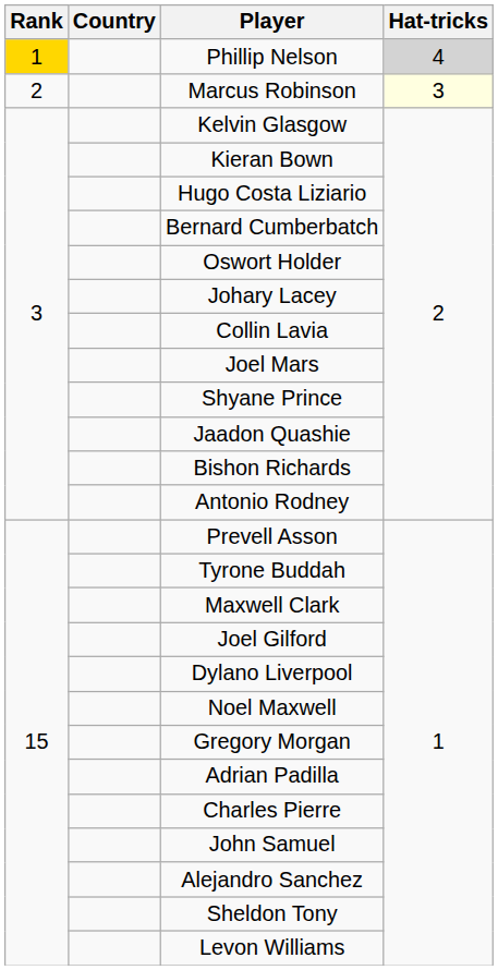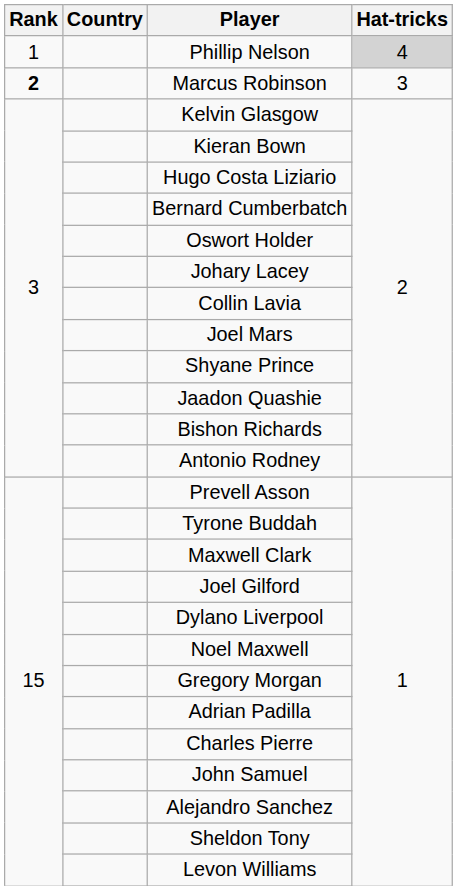 <table class="wikitable" style="text-align:center;">
 <tr>
 <th>Rank</th>
 <th>Country</th>
 <th>Player</th>
 <th>Hat-tricks</th>
 </tr>
 <tr>
-<td style="background: gold;">1</td>
+<td>1</td>
 <td></td>
 <td>Phillip Nelson</td>
 <td style="background: lightgrey;">4</td>
 </tr>
 <tr>
-<td>2</td>
+<td><strong>2</strong></td>
 <td></td>
 <td>Marcus Robinson</td>
-<td style="background: lightyellow;">3</td>
+<td>3</td>
 </tr>
 <tr>
 <td rowspan=12>3</td>
 <td></td>
 <td>Kelvin Glasgow</td>
 <td rowspan=12>2</td>
 </tr>
 <tr>
 <td></td>
 <td>Kieran Bown</td>
 </tr>
 <tr>
 <td></td>
 <td>Hugo Costa Liziario</td>
 </tr>
 <tr>
 <td></td>
 <td>Bernard Cumberbatch</td>
 </tr>
 <tr>
 <td></td>
 <td>Oswort Holder</td>
 </tr>
 <tr>
 <td></td>
 <td>Johary Lacey</td>
 </tr>
 <tr>
 <td></td>
 <td>Collin Lavia</td>
 </tr>
 <tr>
 <td></td>
 <td>Joel Mars</td>
 </tr>
 <tr>
 <td></td>
 <td>Shyane Prince</td>
 </tr>
 <tr>
 <td></td>
 <td>Jaadon Quashie</td>
 </tr>
 <tr>
 <td></td>
 <td>Bishon Richards</td>
 </tr>
 <tr>
 <td></td>
 <td>Antonio Rodney</td>
 </tr>
 <tr>
 <td rowspan=20>15</td>
 <td></td>
 <td>Prevell Asson</td>
 <td rowspan=20>1</td>
 </tr>
 <tr>
 <td></td>
 <td>Tyrone Buddah</td>
 </tr>
 <tr>
 <td></td>
 <td>Maxwell Clark</td>
 </tr>
 <tr>
 <td></td>
 <td>Joel Gilford</td>
 </tr>
 <tr>
 <td></td>
 <td>Dylano Liverpool</td>
 </tr>
 <tr>
 <td></td>
 <td>Noel Maxwell</td>
 </tr>
 <tr>
 <td></td>
 <td>Gregory Morgan</td>
 </tr>
 <tr>
 <td></td>
 <td>Adrian Padilla</td>
 </tr>
 <tr>
 <td></td>
 <td>Charles Pierre</td>
 </tr>
 <tr>
 <td></td>
 <td>John Samuel</td>
 </tr>
 <tr>
 <td></td>
 <td>Alejandro Sanchez</td>
 </tr>
 <tr>
 <td></td>
 <td>Sheldon Tony</td>
 </tr>
 <tr>
 <td></td>
 <td>Levon Williams</td>
 </tr>
 <tr>
 </tr>
 </table>
